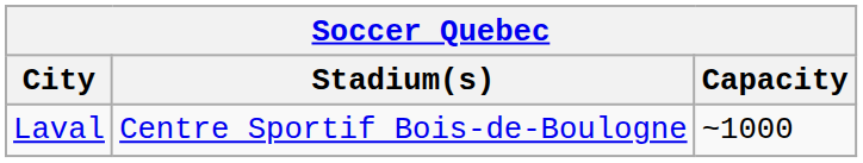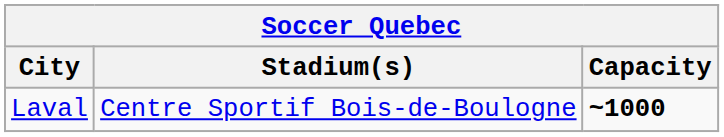 <table class="wikitable">
 <tr>
 <th colspan="3"> <a href='#'>Soccer Quebec</a></th>
 </tr>
 <tr>
 <th>City</th>
 <th>Stadium(s)</th>
 <th>Capacity</th>
 </tr>
 <tr>
 <td> <a href='#'>Laval</a></td>
 <td><a href='#'>Centre Sportif Bois-de-Boulogne</a></td>
-<td>~1000</td>
+<td><strong>~1000</strong></td>
 </tr>
 </table>
